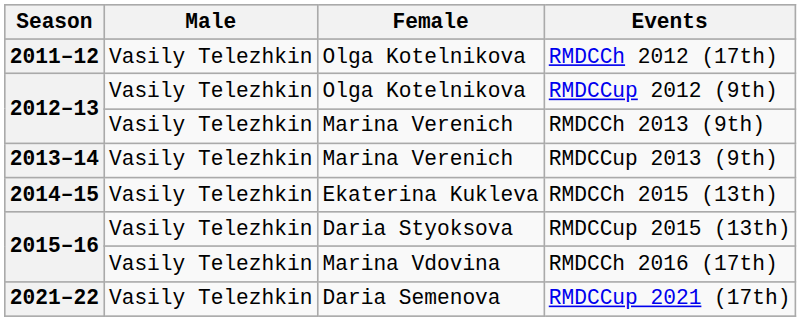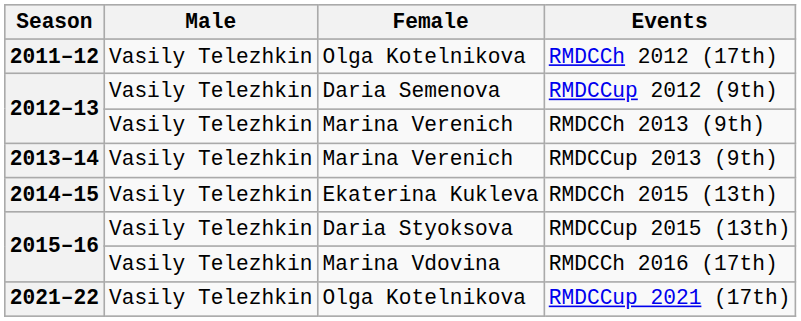 <table class="wikitable">
 <tr>
 <th scope="col">Season</th>
 <th scope="col">Male</th>
 <th scope="col">Female</th>
 <th scope="col">Events</th>
 </tr>
 <tr>
 <th scope="row">2011–12</th>
 <td>Vasily Telezhkin</td>
 <td>Olga Kotelnikova</td>
 <td><a href='#'>RMDCCh</a> 2012 (17th)</td>
 </tr>
 <tr>
 <th scope="row" rowspan=2>2012–13</th>
 <td>Vasily Telezhkin</td>
-<td>Olga Kotelnikova</td>
+<td>Daria Semenova</td>
 <td><a href='#'>RMDCCup</a> 2012 (9th)</td>
 </tr>
 <tr>
 <td>Vasily Telezhkin</td>
 <td>Marina Verenich</td>
 <td>RMDCCh 2013 (9th)</td>
 </tr>
 <tr>
 <th scope="row">2013–14</th>
 <td>Vasily Telezhkin</td>
 <td>Marina Verenich</td>
 <td>RMDCCup 2013 (9th)</td>
 </tr>
 <tr>
 <th scope="row">2014–15</th>
 <td>Vasily Telezhkin</td>
 <td>Ekaterina Kukleva</td>
 <td>RMDCCh 2015 (13th)</td>
 </tr>
 <tr>
 <th scope="row" rowspan=2>2015–16</th>
 <td>Vasily Telezhkin</td>
 <td>Daria Styoksova</td>
 <td>RMDCCup 2015 (13th)</td>
 </tr>
 <tr>
 <td>Vasily Telezhkin</td>
 <td>Marina Vdovina</td>
 <td>RMDCCh 2016 (17th)</td>
 </tr>
 <tr>
 <th scope="row">2021–22</th>
 <td>Vasily Telezhkin</td>
-<td>Daria Semenova</td>
+<td>Olga Kotelnikova</td>
 <td><a href='#'>RMDCCup 2021</a> (17th)</td>
 </tr>
 </table>
